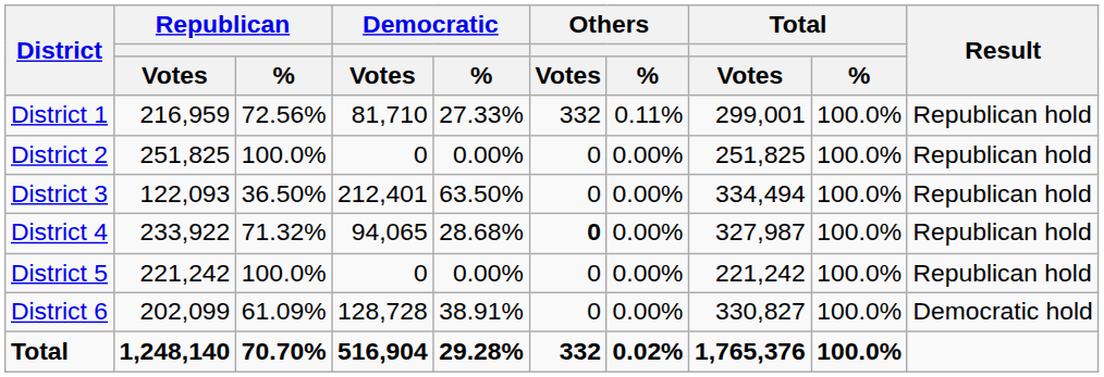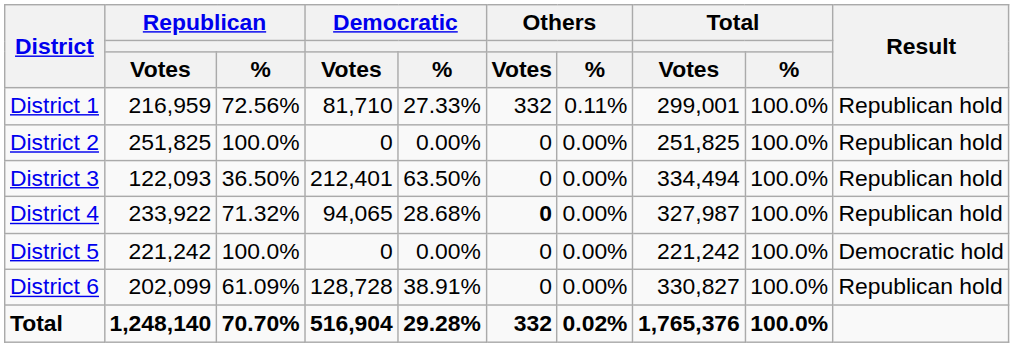 <table class="wikitable plainrowheaders sortable" style="font-size:100%; text-align:right;">
 <tr>
 <th scope=col rowspan=3><a href='#'>District</a></th>
 <th scope=col colspan=2><a href='#'>Republican</a></th>
 <th scope=col colspan=2><a href='#'>Democratic</a></th>
 <th scope=col colspan=2>Others</th>
 <th scope=col colspan=2>Total</th>
 <th scope=col rowspan=3>Result</th>
 </tr>
 <tr>
 <th scope=col colspan=2 style="background:"></th>
 <th scope=col colspan=2 style="background:"></th>
 <th scope=col colspan=2></th>
 <th scope=col colspan=2></th>
 </tr>
 <tr>
 <th scope=col data-sort-type="number">Votes</th>
 <th scope=col data-sort-type="number">%</th>
 <th scope=col data-sort-type="number">Votes</th>
 <th scope=col data-sort-type="number">%</th>
 <th scope=col data-sort-type="number">Votes</th>
 <th scope=col data-sort-type="number">%</th>
 <th scope=col data-sort-type="number">Votes</th>
 <th scope=col data-sort-type="number">%</th>
 </tr>
 <tr>
 <td align=left><a href='#'>District 1</a></td>
 <td>216,959</td>
 <td>72.56%</td>
 <td>81,710</td>
 <td>27.33%</td>
 <td>332</td>
 <td>0.11%</td>
 <td>299,001</td>
 <td>100.0%</td>
 <td align=left>Republican hold</td>
 </tr>
 <tr>
 <td align=left><a href='#'>District 2</a></td>
 <td>251,825</td>
 <td>100.0%</td>
 <td>0</td>
 <td>0.00%</td>
 <td>0</td>
 <td>0.00%</td>
 <td>251,825</td>
 <td>100.0%</td>
 <td align=left>Republican hold</td>
 </tr>
 <tr>
 <td align=left><a href='#'>District 3</a></td>
 <td>122,093</td>
 <td>36.50%</td>
 <td>212,401</td>
 <td>63.50%</td>
 <td>0</td>
 <td>0.00%</td>
 <td>334,494</td>
 <td>100.0%</td>
 <td align=left>Republican hold</td>
 </tr>
 <tr>
 <td align=left><a href='#'>District 4</a></td>
 <td>233,922</td>
 <td>71.32%</td>
 <td>94,065</td>
 <td>28.68%</td>
 <td><strong>0</strong></td>
 <td>0.00%</td>
 <td>327,987</td>
 <td>100.0%</td>
 <td align=left>Republican hold</td>
 </tr>
 <tr>
 <td align=left><a href='#'>District 5</a></td>
 <td>221,242</td>
 <td>100.0%</td>
 <td>0</td>
 <td>0.00%</td>
 <td>0</td>
 <td>0.00%</td>
 <td>221,242</td>
 <td>100.0%</td>
-<td align=left>Republican hold</td>
+<td align=left>Democratic hold</td>
 </tr>
 <tr>
 <td align=left><a href='#'>District 6</a></td>
 <td>202,099</td>
 <td>61.09%</td>
 <td>128,728</td>
 <td>38.91%</td>
 <td>0</td>
 <td>0.00%</td>
 <td>330,827</td>
 <td>100.0%</td>
-<td align=left>Democratic hold</td>
+<td align=left>Republican hold</td>
 </tr>
 <tr class="sortbottom" style="font-weight:bold">
 <td align=left>Total</td>
 <td>1,248,140</td>
 <td>70.70%</td>
 <td>516,904</td>
 <td>29.28%</td>
 <td>332</td>
 <td>0.02%</td>
 <td>1,765,376</td>
 <td>100.0%</td>
 <td></td>
 </tr>
 </table>
